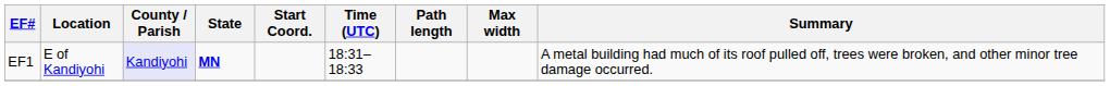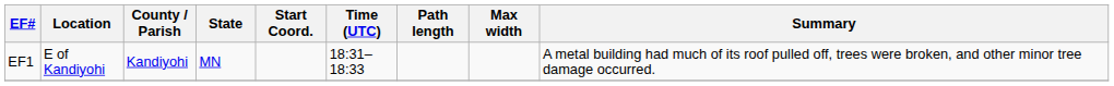 <table class="wikitable sortable" style="width:100%;">
 <tr>
 <th scope="col"  style="width:3%; text-align:center;"><a href='#'>EF#</a></th>
 <th scope="col"  style="width:7%; text-align:center;" class="unsortable">Location</th>
 <th scope="col"  style="width:6%; text-align:center;" class="unsortable">County / Parish</th>
 <th scope="col"  style="width:5%; text-align:center;">State</th>
 <th scope="col"  style="width:6%; text-align:center;">Start Coord.</th>
 <th scope="col"  style="width:6%; text-align:center;">Time (<a href='#'>UTC</a>)</th>
 <th scope="col"  style="width:6%; text-align:center;">Path length</th>
 <th scope="col"  style="width:6%; text-align:center;">Max width</th>
 <th scope="col" class="unsortable" style="width:48%; text-align:center;">Summary</th>
 </tr>
 <tr>
 <td>EF1</td>
 <td>E of <a href='#'>Kandiyohi</a></td>
-<td style="background: lavender;"><a href='#'>Kandiyohi</a></td>
-<td><strong><a href='#'>MN</a></strong></td>
+<td><a href='#'>Kandiyohi</a></td>
+<td><a href='#'>MN</a></td>
 <td></td>
 <td>18:31–18:33</td>
 <td></td>
 <td></td>
 <td>A metal building had much of its roof pulled off, trees were broken, and other minor tree damage occurred.</td>
 </tr>
 <tr>
 </tr>
 </table>
